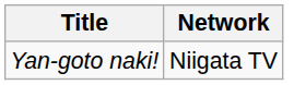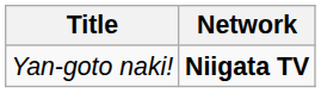 <table class="wikitable">
 <tr>
 <th>Title</th>
 <th>Network</th>
 </tr>
 <tr>
 <td><em>Yan-goto naki!</em></td>
-<td>Niigata TV</td>
+<td><strong>Niigata TV</strong></td>
 </tr>
 </table>
